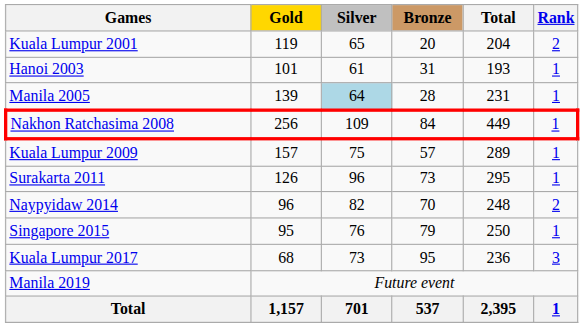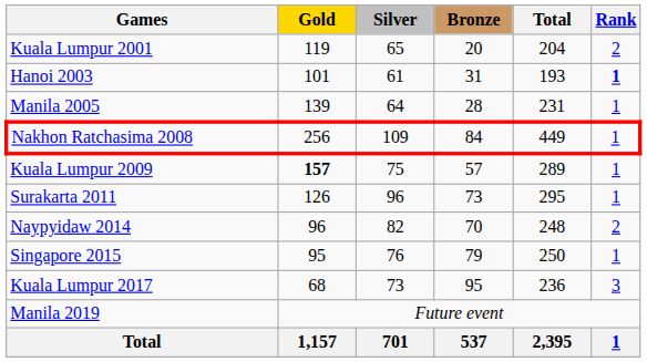 <table class="wikitable" style="text-align:center; font-size:90%;">
 <tr>
 <th style="width:15em;">Games</th>
 <th style="width:4em; background:gold;">Gold</th>
 <th style="width:4em; background:silver;">Silver</th>
 <th style="width:4em; background:#cc9966;">Bronze</th>
 <th style="width:4em;">Total</th>
 <th style="width:2em;"><a href='#'>Rank</a></th>
 </tr>
 <tr>
 <td align=left> <a href='#'>Kuala Lumpur 2001</a></td>
 <td>119</td>
 <td>65</td>
 <td>20</td>
 <td>204</td>
 <td><a href='#'>2</a></td>
 </tr>
 <tr>
 <td align=left> <a href='#'>Hanoi 2003</a></td>
 <td>101</td>
 <td>61</td>
 <td>31</td>
 <td>193</td>
-<td><a href='#'>1</a></td>
+<td><strong><a href='#'>1</a></strong></td>
 </tr>
 <tr>
 <td align=left> <a href='#'>Manila 2005</a></td>
 <td>139</td>
-<td style="background: lightblue;">64</td>
+<td>64</td>
 <td>28</td>
 <td>231</td>
 <td><a href='#'>1</a></td>
 </tr>
 <tr style="border: 3px solid red">
 <td align=left> <a href='#'>Nakhon Ratchasima 2008</a></td>
 <td>256</td>
 <td>109</td>
 <td>84</td>
 <td>449</td>
 <td><a href='#'>1</a></td>
 </tr>
 <tr>
 <td align=left> <a href='#'>Kuala Lumpur 2009</a></td>
-<td>157</td>
+<td><strong>157</strong></td>
 <td>75</td>
 <td>57</td>
 <td>289</td>
 <td><a href='#'>1</a></td>
 </tr>
 <tr>
 <td align=left> <a href='#'>Surakarta 2011</a></td>
 <td>126</td>
 <td>96</td>
 <td>73</td>
 <td>295</td>
 <td><a href='#'>1</a></td>
 </tr>
 <tr>
 <td align=left> <a href='#'>Naypyidaw 2014</a></td>
 <td>96</td>
 <td>82</td>
 <td>70</td>
 <td>248</td>
 <td><a href='#'>2</a></td>
 </tr>
 <tr>
 <td align=left> <a href='#'>Singapore 2015</a></td>
 <td>95</td>
 <td>76</td>
 <td>79</td>
 <td>250</td>
 <td><a href='#'>1</a></td>
 </tr>
 <tr>
 <td align=left> <a href='#'>Kuala Lumpur 2017</a></td>
 <td>68</td>
 <td>73</td>
 <td>95</td>
 <td>236</td>
 <td><a href='#'>3</a></td>
 </tr>
 <tr>
 <td align=left> <a href='#'>Manila 2019</a></td>
 <td colspan=5><em>Future event</em></td>
 </tr>
 <tr>
 <th><strong>Total</strong></th>
 <th><strong>1,157</strong></th>
 <th><strong>701</strong></th>
 <th><strong>537</strong></th>
 <th><strong>2,395</strong></th>
 <th><strong><a href='#'>1</a></strong></th>
 </tr>
 <tr class="sortbottom">
 </tr>
 </table>
